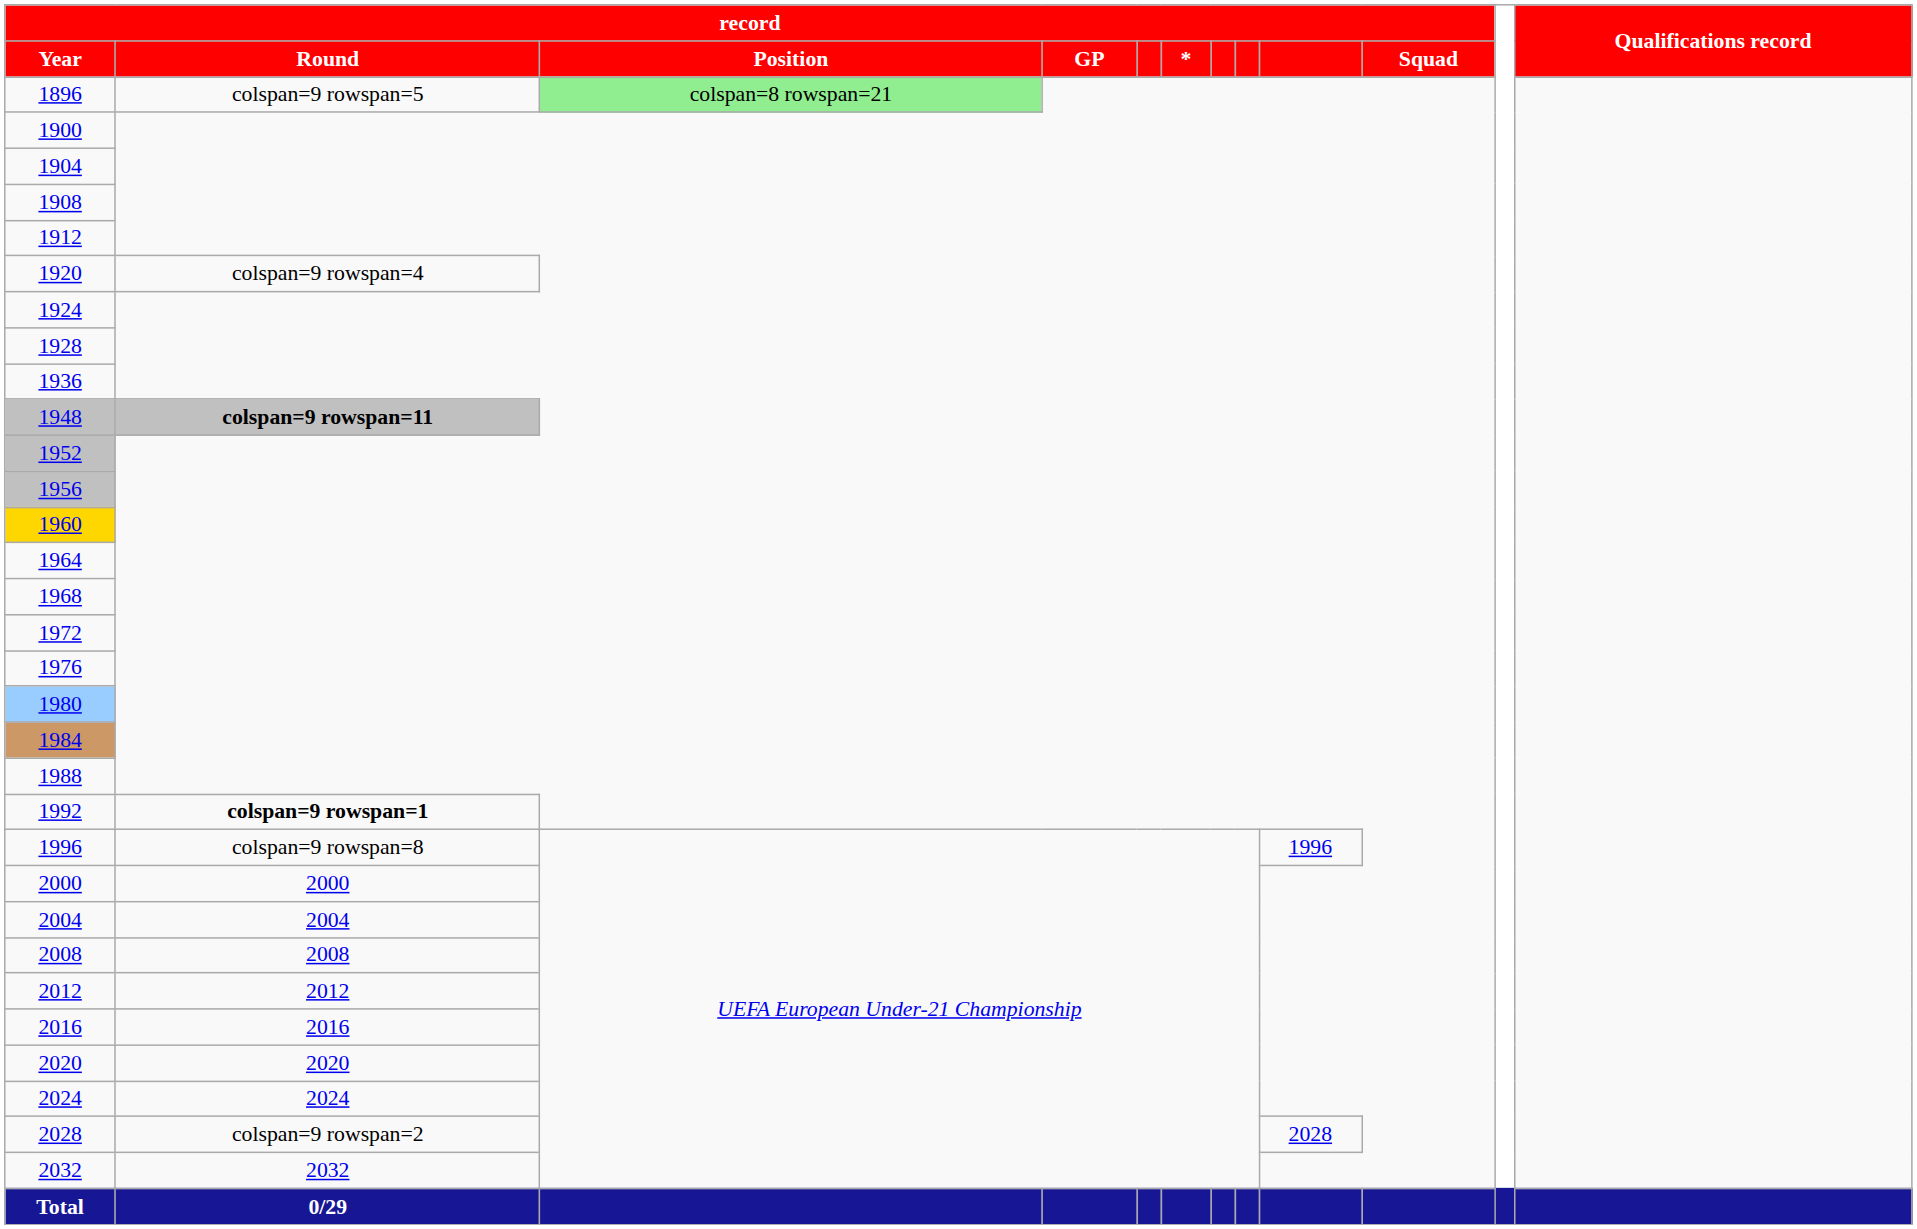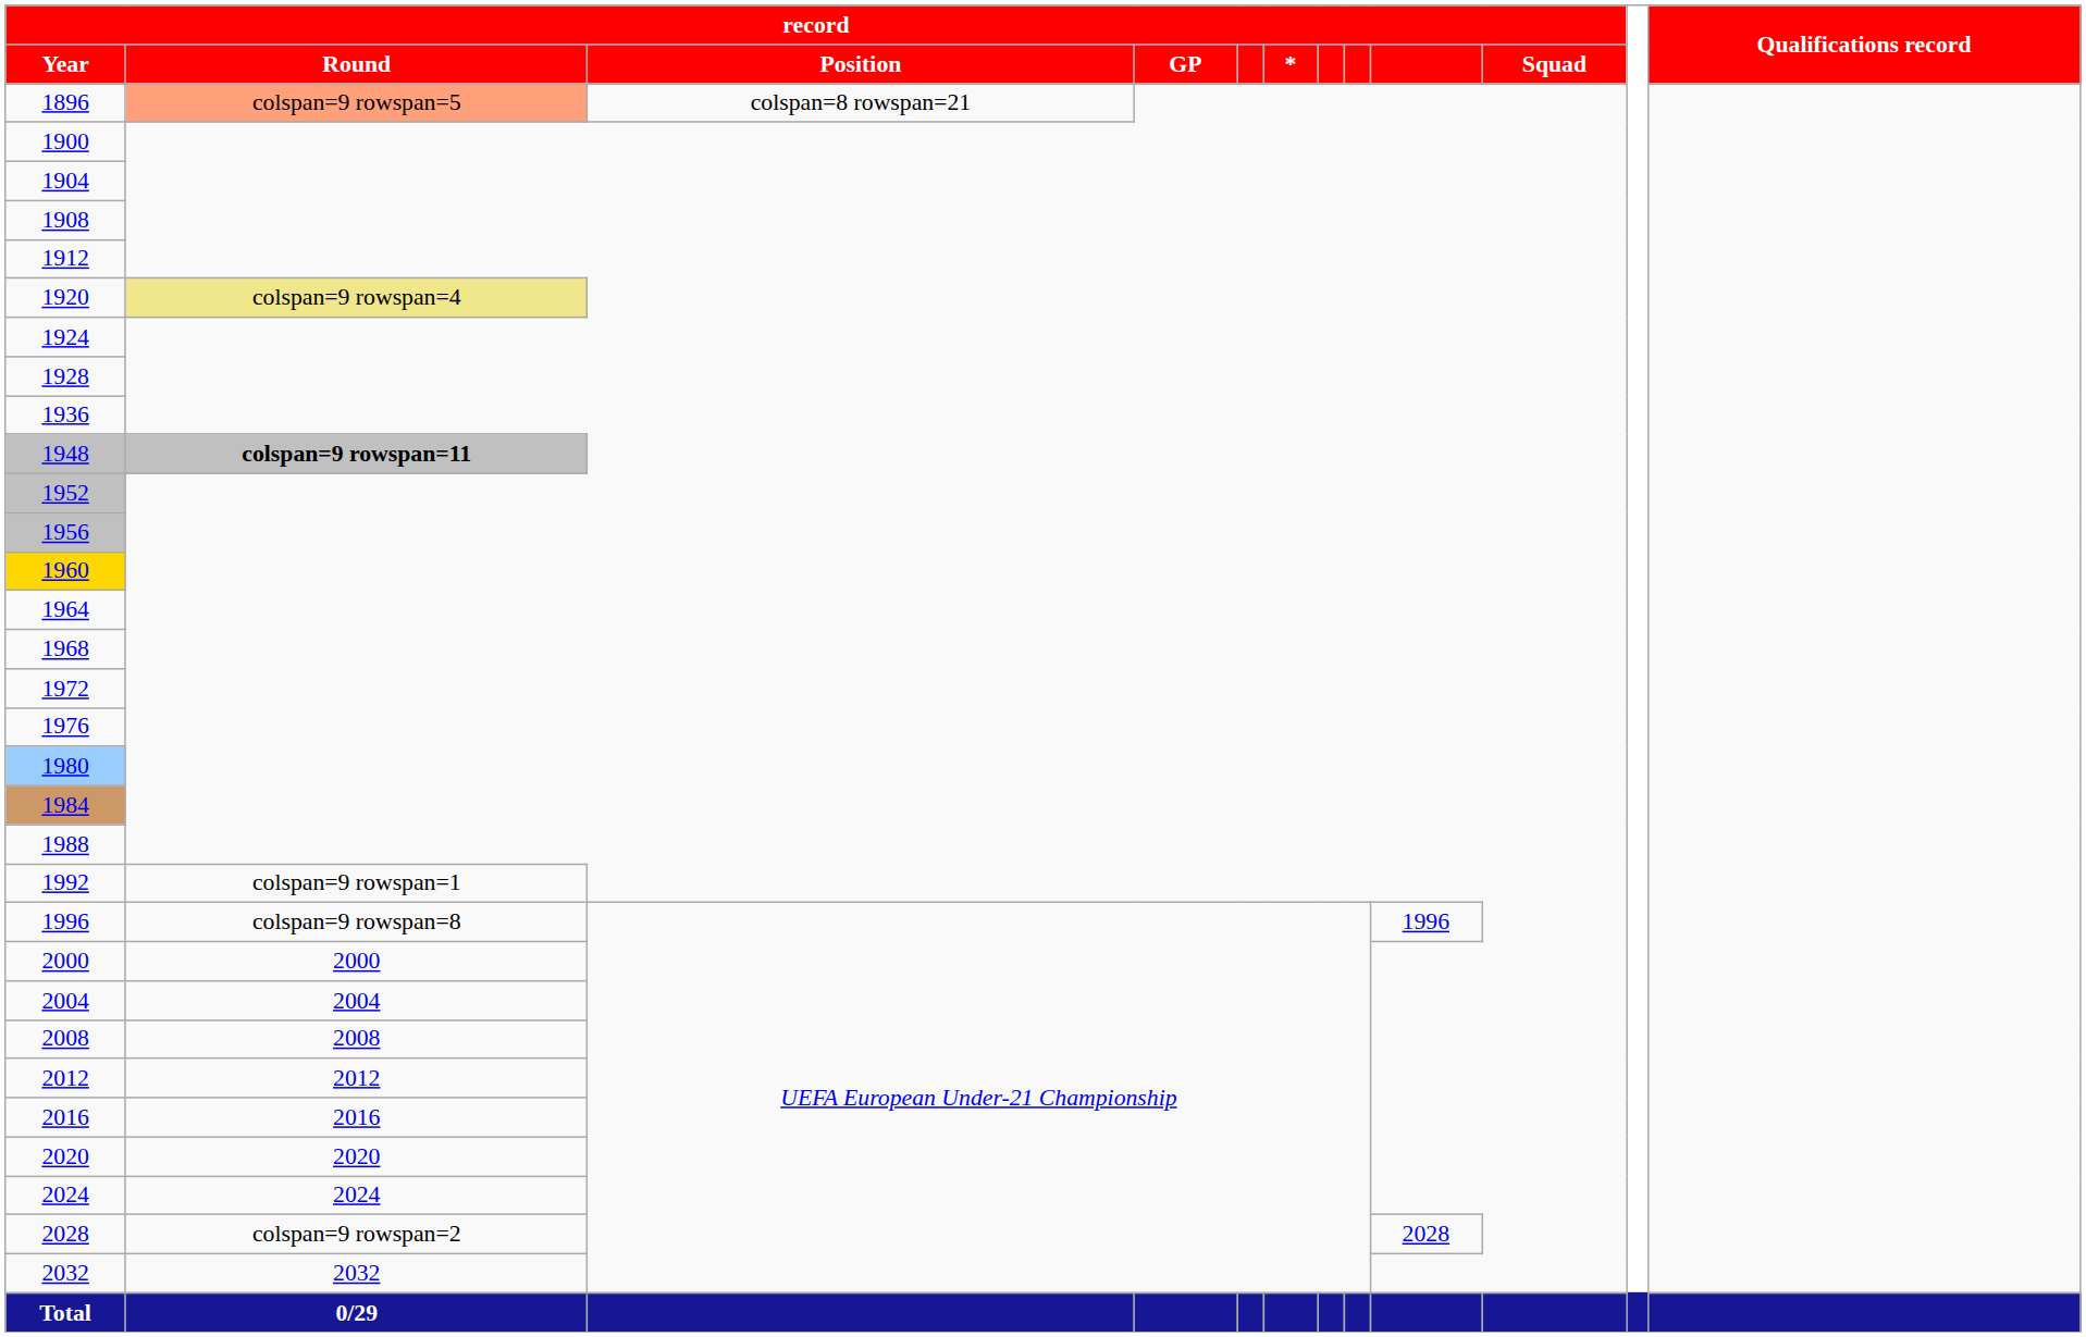 <table class="wikitable" style="font-size:90%; text-align:center;" width="100%" class="wikitable">
 <tr>
 <th colspan=10 style="background:#ff0000; color:white; "><a href='#'></a> record</th>
 <th width=1% rowspan="34" style="background:#FFFFFF; color:white"></th>
 <th colspan=7 rowspan=2 style="background:#ff0000; color:white; ">Qualifications record</th>
 </tr>
 <tr>
 <th style="background:#ff0000; color:white; ">Year</th>
 <th style="background:#ff0000; color:white; ">Round</th>
 <th style="background:#ff0000; color:white; ">Position</th>
 <th style="background:#ff0000; color:white; ">GP</th>
 <th style="background:#ff0000; color:white; "></th>
 <th style="background:#ff0000; color:white; ">*</th>
 <th style="background:#ff0000; color:white; "></th>
 <th style="background:#ff0000; color:white; "></th>
 <th style="background:#ff0000; color:white; "></th>
 <th style="background:#ff0000; color:white; ">Squad</th>
 </tr>
 <tr>
 <td> <a href='#'>1896</a></td>
-<td>colspan=9 rowspan=5 </td>
-<td style="background: lightgreen;">colspan=8 rowspan=21 </td>
+<td style="background: lightsalmon;">colspan=9 rowspan=5 </td>
+<td>colspan=8 rowspan=21 </td>
 </tr>
 <tr>
 <td> <a href='#'>1900</a></td>
 </tr>
 <tr>
 <td> <a href='#'>1904</a></td>
 </tr>
 <tr>
 <td> <a href='#'>1908</a></td>
 </tr>
 <tr>
 <td> <a href='#'>1912</a></td>
 </tr>
 <tr>
 <td> <a href='#'>1920</a></td>
-<td>colspan=9 rowspan=4 </td>
+<td style="background: khaki;">colspan=9 rowspan=4 </td>
 </tr>
 <tr>
 <td> <a href='#'>1924</a></td>
 </tr>
 <tr>
 <td> <a href='#'>1928</a></td>
 </tr>
 <tr>
 <td> <a href='#'>1936</a></td>
 </tr>
 <tr bgcolor=silver>
 <td> <a href='#'>1948</a></td>
 <td><strong>colspan=9 rowspan=11 </strong></td>
 </tr>
 <tr bgcolor=silver>
 <td> <a href='#'>1952</a></td>
 </tr>
 <tr bgcolor=silver>
 <td> <a href='#'>1956</a></td>
 </tr>
 <tr bgcolor=gold>
 <td> <a href='#'>1960</a></td>
 </tr>
 <tr>
 <td> <a href='#'>1964</a></td>
 </tr>
 <tr>
 <td> <a href='#'>1968</a></td>
 </tr>
 <tr>
 <td> <a href='#'>1972</a></td>
 </tr>
 <tr>
 <td> <a href='#'>1976</a></td>
 </tr>
 <tr style="background:#9acdff">
 <td> <a href='#'>1980</a></td>
 </tr>
 <tr bgcolor=#cc9966>
 <td> <a href='#'>1984</a></td>
 </tr>
 <tr>
 <td> <a href='#'>1988</a></td>
 </tr>
 <tr>
 <td> <a href='#'>1992</a></td>
-<td><strong>colspan=9 rowspan=1 </strong></td>
+<td>colspan=9 rowspan=1 </td>
 </tr>
 <tr>
 <td> <a href='#'>1996</a></td>
 <td>colspan=9 rowspan=8 </td>
 <td colspan=6 rowspan=10><em><a href='#'>UEFA European Under-21 Championship</a></em></td>
 <td><a href='#'>1996</a></td>
 </tr>
 <tr>
 <td> <a href='#'>2000</a></td>
 <td><a href='#'>2000</a></td>
 </tr>
 <tr>
 <td> <a href='#'>2004</a></td>
 <td><a href='#'>2004</a></td>
 </tr>
 <tr>
 <td> <a href='#'>2008</a></td>
 <td><a href='#'>2008</a></td>
 </tr>
 <tr>
 <td> <a href='#'>2012</a></td>
 <td><a href='#'>2012</a></td>
 </tr>
 <tr>
 <td> <a href='#'>2016</a></td>
 <td><a href='#'>2016</a></td>
 </tr>
 <tr>
 <td> <a href='#'>2020</a></td>
 <td><a href='#'>2020</a></td>
 </tr>
 <tr>
 <td> <a href='#'>2024</a></td>
 <td><a href='#'>2024</a></td>
 </tr>
 <tr>
 <td> <a href='#'>2028</a></td>
 <td>colspan=9 rowspan=2 </td>
 <td><a href='#'>2028</a></td>
 </tr>
 <tr>
 <td> <a href='#'>2032</a></td>
 <td><a href='#'>2032</a></td>
 </tr>
 <tr>
 <th style="background:#171796; color:white; ">Total</th>
 <th style="background:#171796; color:white; ">0/29</th>
 <th style="background:#171796; color:white; "></th>
 <th style="background:#171796; color:white; "></th>
 <th style="background:#171796; color:white; "></th>
 <th style="background:#171796; color:white; "></th>
 <th style="background:#171796; color:white; "></th>
 <th style="background:#171796; color:white; "></th>
 <th style="background:#171796; color:white; "></th>
 <th colspan=7 style="background:#171796; color:white; "></th>
 </tr>
 </table>
